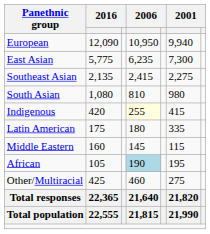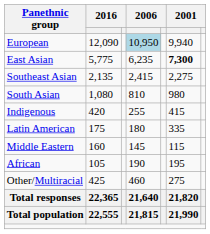 <table class="wikitable sortable">
 <tr>
 <th rowspan="2"><a href='#'>Panethnic</a><br>group</th>
 <th colspan="2">2016</th>
 <th colspan="2">2006</th>
 <th colspan="2">2001</th>
 </tr>
 <tr>
 <th><a href='#'></a></th>
 <th></th>
 <th></th>
 <th></th>
 <th></th>
 <th></th>
 </tr>
 <tr>
 <td><a href='#'>European</a></td>
 <td>12,090</td>
 <td></td>
-<td>10,950</td>
+<td style="background: lightblue;">10,950</td>
 <td></td>
 <td>9,940</td>
 <td></td>
 </tr>
 <tr>
 <td><a href='#'>East Asian</a></td>
 <td>5,775</td>
 <td></td>
 <td>6,235</td>
 <td></td>
-<td>7,300</td>
+<td><strong>7,300</strong></td>
 <td></td>
 </tr>
 <tr>
 <td><a href='#'>Southeast Asian</a></td>
 <td>2,135</td>
 <td></td>
 <td>2,415</td>
 <td></td>
 <td>2,275</td>
 <td></td>
 </tr>
 <tr>
 <td><a href='#'>South Asian</a></td>
 <td>1,080</td>
 <td></td>
 <td>810</td>
 <td></td>
 <td>980</td>
 <td></td>
 </tr>
 <tr>
 <td><a href='#'>Indigenous</a></td>
 <td>420</td>
 <td></td>
-<td style="background: lightyellow;">255</td>
+<td>255</td>
 <td></td>
 <td>415</td>
 <td></td>
 </tr>
 <tr>
 <td><a href='#'>Latin American</a></td>
 <td>175</td>
 <td></td>
 <td>180</td>
 <td></td>
 <td>335</td>
 <td></td>
 </tr>
 <tr>
 <td><a href='#'>Middle Eastern</a></td>
 <td>160</td>
 <td></td>
 <td>145</td>
 <td></td>
 <td>115</td>
 <td></td>
 </tr>
 <tr>
 <td><a href='#'>African</a></td>
 <td>105</td>
 <td></td>
-<td style="background: lightblue;">190</td>
+<td>190</td>
 <td></td>
 <td>195</td>
 <td></td>
 </tr>
 <tr>
 <td>Other/<a href='#'>Multiracial</a></td>
 <td>425</td>
 <td></td>
 <td>460</td>
 <td></td>
 <td>275</td>
 <td></td>
 </tr>
 <tr>
 <th>Total responses</th>
 <th>22,365</th>
 <th></th>
 <th>21,640</th>
 <th></th>
 <th>21,820</th>
 <th></th>
 </tr>
 <tr>
 <th>Total population</th>
 <th>22,555</th>
 <th></th>
 <th>21,815</th>
 <th></th>
 <th>21,990</th>
 <th></th>
 </tr>
 <tr class="sortbottom">
 <td colspan="10"></td>
 </tr>
 </table>
